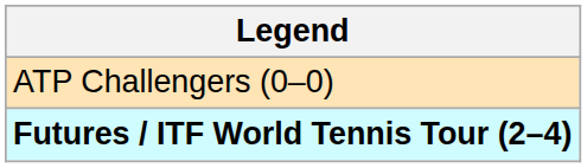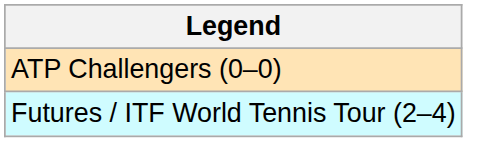 <table class=wikitable style=font-size:97%>
 <tr>
 <th>Legend</th>
 </tr>
 <tr style="background:moccasin;">
 <td>ATP Challengers (0–0)</td>
 </tr>
 <tr style="background:#cffcff;">
-<td><strong>Futures / ITF World Tennis Tour (2–4)</strong></td>
+<td>Futures / ITF World Tennis Tour (2–4)</td>
 </tr>
 </table>
